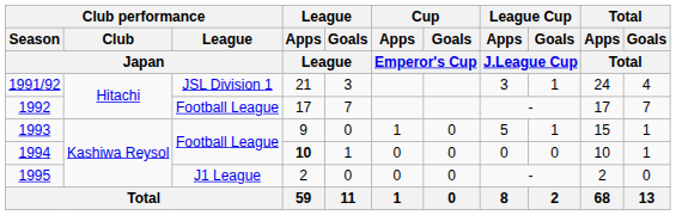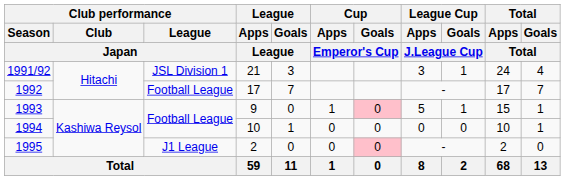 <table class="wikitable" style="text-align:center;">
 <tr>
 <th colspan=3>Club performance</th>
 <th colspan=2>League</th>
 <th colspan=2>Cup</th>
 <th colspan=2>League Cup</th>
 <th colspan=2>Total</th>
 </tr>
 <tr>
 <th>Season</th>
 <th>Club</th>
 <th>League</th>
 <th>Apps</th>
 <th>Goals</th>
 <th>Apps</th>
 <th>Goals</th>
 <th>Apps</th>
 <th>Goals</th>
 <th>Apps</th>
 <th>Goals</th>
 </tr>
 <tr>
 <th colspan=3>Japan</th>
 <th colspan=2>League</th>
 <th colspan=2><a href='#'>Emperor's Cup</a></th>
 <th colspan=2><a href='#'>J.League Cup</a></th>
 <th colspan=2>Total</th>
 </tr>
 <tr>
 <td><a href='#'>1991/92</a></td>
 <td rowspan="2"><a href='#'>Hitachi</a></td>
 <td><a href='#'>JSL Division 1</a></td>
 <td>21</td>
 <td>3</td>
 <td></td>
 <td></td>
 <td>3</td>
 <td>1</td>
 <td>24</td>
 <td>4</td>
 </tr>
 <tr>
 <td><a href='#'>1992</a></td>
 <td><a href='#'>Football League</a></td>
 <td>17</td>
 <td>7</td>
 <td></td>
 <td></td>
 <td colspan="2">-</td>
 <td>17</td>
 <td>7</td>
 </tr>
 <tr>
 <td><a href='#'>1993</a></td>
 <td rowspan="3"><a href='#'>Kashiwa Reysol</a></td>
 <td rowspan="2"><a href='#'>Football League</a></td>
 <td>9</td>
 <td>0</td>
 <td>1</td>
-<td>0</td>
+<td style="background: pink;">0</td>
 <td>5</td>
 <td>1</td>
 <td>15</td>
 <td>1</td>
 </tr>
 <tr>
 <td><a href='#'>1994</a></td>
-<td><strong>10</strong></td>
+<td>10</td>
 <td>1</td>
 <td>0</td>
 <td>0</td>
 <td>0</td>
 <td>0</td>
 <td>10</td>
 <td>1</td>
 </tr>
 <tr>
 <td><a href='#'>1995</a></td>
 <td><a href='#'>J1 League</a></td>
 <td>2</td>
 <td>0</td>
 <td>0</td>
-<td>0</td>
+<td style="background: pink;">0</td>
 <td colspan="2">-</td>
 <td>2</td>
 <td>0</td>
 </tr>
 <tr>
 <th colspan=3>Total</th>
 <th>59</th>
 <th>11</th>
 <th>1</th>
 <th>0</th>
 <th>8</th>
 <th>2</th>
 <th>68</th>
 <th>13</th>
 </tr>
 </table>
